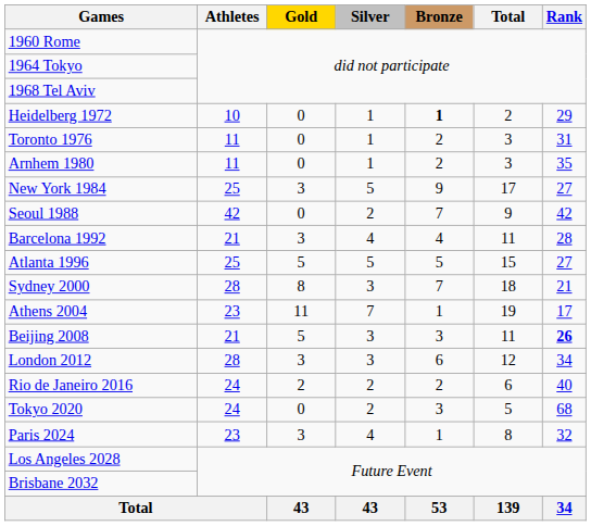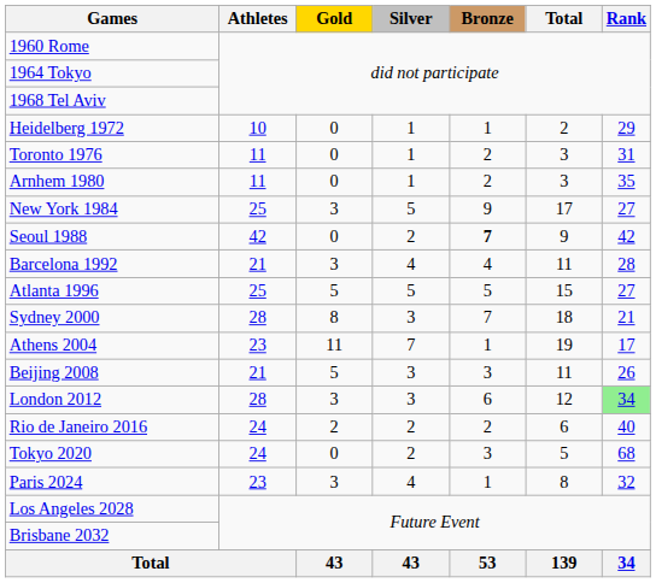 <table class="wikitable" style="text-align:center; font-size:100%">
 <tr>
 <th style="width:12em;">Games</th>
 <th style="width:4em;">Athletes</th>
 <th style="width:4em; background:gold;">Gold</th>
 <th style="width:4em; background:silver;">Silver</th>
 <th style="width:4em; background:#cc9966;">Bronze</th>
 <th style="width:4em;">Total</th>
 <th style="width:2em;"><a href='#'>Rank</a></th>
 </tr>
 <tr>
 <td align=left> <a href='#'>1960 Rome</a></td>
 <td colspan=6 rowspan=3><em>did not participate</em></td>
 </tr>
 <tr>
 <td align=left> <a href='#'>1964 Tokyo</a></td>
 </tr>
 <tr>
 <td align=left> <a href='#'>1968 Tel Aviv</a></td>
 </tr>
 <tr>
 <td align=left> <a href='#'>Heidelberg 1972</a></td>
 <td><a href='#'>10</a></td>
 <td>0</td>
 <td>1</td>
-<td><strong>1</strong></td>
+<td>1</td>
 <td>2</td>
 <td><a href='#'>29</a></td>
 </tr>
 <tr>
 <td align=left> <a href='#'>Toronto 1976</a></td>
 <td><a href='#'>11</a></td>
 <td>0</td>
 <td>1</td>
 <td>2</td>
 <td>3</td>
 <td><a href='#'>31</a></td>
 </tr>
 <tr>
 <td align=left> <a href='#'>Arnhem 1980</a></td>
 <td><a href='#'>11</a></td>
 <td>0</td>
 <td>1</td>
 <td>2</td>
 <td>3</td>
 <td><a href='#'>35</a></td>
 </tr>
 <tr>
 <td align=left> <a href='#'>New York 1984</a></td>
 <td><a href='#'>25</a></td>
 <td>3</td>
 <td>5</td>
 <td>9</td>
 <td>17</td>
 <td><a href='#'>27</a></td>
 </tr>
 <tr>
 <td align=left> <a href='#'>Seoul 1988</a></td>
 <td><a href='#'>42</a></td>
 <td>0</td>
 <td>2</td>
-<td>7</td>
+<td><strong>7</strong></td>
 <td>9</td>
 <td><a href='#'>42</a></td>
 </tr>
 <tr>
 <td align=left> <a href='#'>Barcelona 1992</a></td>
 <td><a href='#'>21</a></td>
 <td>3</td>
 <td>4</td>
 <td>4</td>
 <td>11</td>
 <td><a href='#'>28</a></td>
 </tr>
 <tr>
 <td align=left> <a href='#'>Atlanta 1996</a></td>
 <td><a href='#'>25</a></td>
 <td>5</td>
 <td>5</td>
 <td>5</td>
 <td>15</td>
 <td><a href='#'>27</a></td>
 </tr>
 <tr>
 <td align=left> <a href='#'>Sydney 2000</a></td>
 <td><a href='#'>28</a></td>
 <td>8</td>
 <td>3</td>
 <td>7</td>
 <td>18</td>
 <td><a href='#'>21</a></td>
 </tr>
 <tr>
 <td align=left> <a href='#'>Athens 2004</a></td>
 <td><a href='#'>23</a></td>
 <td>11</td>
 <td>7</td>
 <td>1</td>
 <td>19</td>
 <td><a href='#'>17</a></td>
 </tr>
 <tr>
 <td align=left> <a href='#'>Beijing 2008</a></td>
 <td><a href='#'>21</a></td>
 <td>5</td>
 <td>3</td>
 <td>3</td>
 <td>11</td>
-<td><strong><a href='#'>26</a></strong></td>
+<td><a href='#'>26</a></td>
 </tr>
 <tr>
 <td align=left> <a href='#'>London 2012</a></td>
 <td><a href='#'>28</a></td>
 <td>3</td>
 <td>3</td>
 <td>6</td>
 <td>12</td>
-<td><a href='#'>34</a></td>
+<td style="background: lightgreen;"><a href='#'>34</a></td>
 </tr>
 <tr>
 <td align=left> <a href='#'>Rio de Janeiro 2016</a></td>
 <td><a href='#'>24</a></td>
 <td>2</td>
 <td>2</td>
 <td>2</td>
 <td>6</td>
 <td><a href='#'>40</a></td>
 </tr>
 <tr>
 <td align=left> <a href='#'>Tokyo 2020</a></td>
 <td><a href='#'>24</a></td>
 <td>0</td>
 <td>2</td>
 <td>3</td>
 <td>5</td>
 <td><a href='#'>68</a></td>
 </tr>
 <tr>
 <td align=left> <a href='#'>Paris 2024</a></td>
 <td><a href='#'>23</a></td>
 <td>3</td>
 <td>4</td>
 <td>1</td>
 <td>8</td>
 <td><a href='#'>32</a></td>
 </tr>
 <tr>
 <td align=left> <a href='#'>Los Angeles 2028</a></td>
 <td colspan=6 rowspan=2><em>Future Event</em></td>
 </tr>
 <tr>
 <td align=left> <a href='#'>Brisbane 2032</a></td>
 </tr>
 <tr>
 <th colspan=2>Total</th>
 <th>43</th>
 <th>43</th>
 <th>53</th>
 <th>139</th>
 <th><a href='#'>34</a></th>
 </tr>
 </table>
